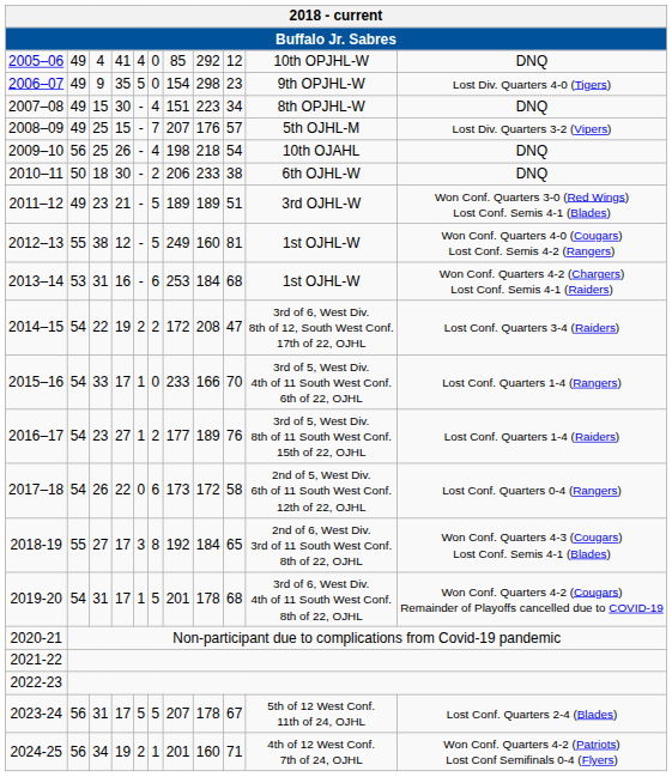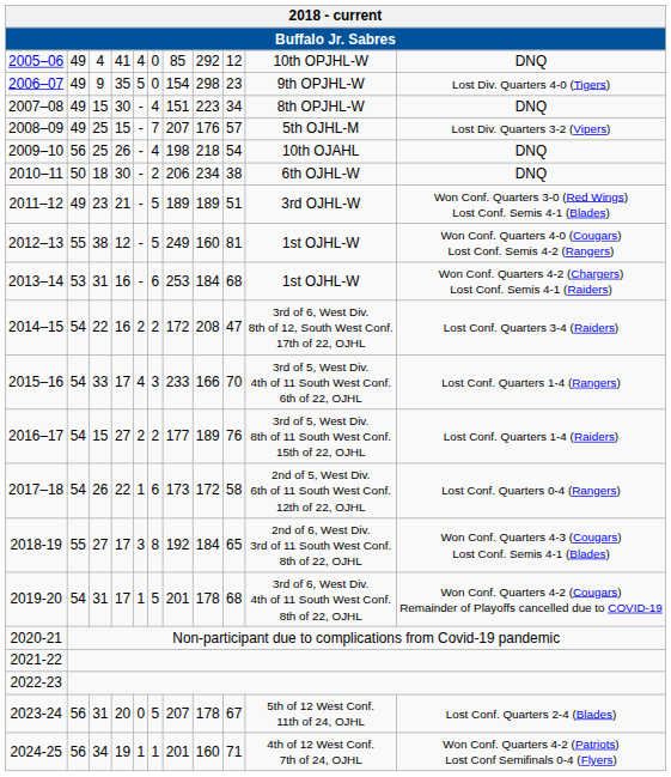 <table class="wikitable " style="text-align:center;">
 <tr>
 <th colspan=12 bgcolor="#822433" text_color=white><strong>2018 - current</strong></th>
 </tr>
 <tr align="center"  bgcolor="#00529b"  style="color:white">
 <td colspan=11><strong>Buffalo Jr. Sabres</strong></td>
 </tr>
 <tr align="center">
 <td><a href='#'>2005–06</a></td>
 <td>49</td>
 <td>4</td>
 <td>41</td>
 <td>4</td>
 <td>0</td>
 <td>85</td>
 <td>292</td>
 <td>12</td>
 <td>10th OPJHL-W</td>
 <td>DNQ</td>
 </tr>
 <tr align="center">
 <td><a href='#'>2006–07</a></td>
 <td>49</td>
 <td>9</td>
 <td>35</td>
 <td>5</td>
 <td>0</td>
 <td>154</td>
 <td>298</td>
 <td>23</td>
 <td>9th OPJHL-W</td>
 <td><small>Lost Div. Quarters 4-0 (<a href='#'>Tigers</a>)</small></td>
 </tr>
 <tr align="center">
 <td>2007–08</td>
 <td>49</td>
 <td>15</td>
 <td>30</td>
 <td>-</td>
 <td>4</td>
 <td>151</td>
 <td>223</td>
 <td>34</td>
 <td>8th OPJHL-W</td>
 <td>DNQ</td>
 </tr>
 <tr align="center">
 <td>2008–09</td>
 <td>49</td>
 <td>25</td>
 <td>15</td>
 <td>-</td>
 <td>7</td>
 <td>207</td>
 <td>176</td>
 <td>57</td>
 <td>5th OJHL-M</td>
 <td><small>Lost Div. Quarters 3-2 (<a href='#'>Vipers</a>)</small></td>
 </tr>
 <tr align="center">
 <td>2009–10</td>
 <td>56</td>
 <td>25</td>
 <td>26</td>
 <td>-</td>
 <td>4</td>
 <td>198</td>
 <td>218</td>
 <td>54</td>
 <td>10th OJAHL</td>
 <td>DNQ</td>
 </tr>
 <tr align="center">
 <td>2010–11</td>
 <td>50</td>
 <td>18</td>
 <td>30</td>
 <td>-</td>
 <td>2</td>
 <td>206</td>
-<td>233</td>
+<td>234</td>
 <td>38</td>
 <td>6th OJHL-W</td>
 <td>DNQ</td>
 </tr>
 <tr align="center">
 <td>2011–12</td>
 <td>49</td>
 <td>23</td>
 <td>21</td>
 <td>-</td>
 <td>5</td>
 <td>189</td>
 <td>189</td>
 <td>51</td>
 <td>3rd OJHL-W</td>
 <td><small>Won Conf. Quarters 3-0 (<a href='#'>Red Wings</a>)<br>Lost Conf. Semis 4-1 (<a href='#'>Blades</a>)</small></td>
 </tr>
 <tr align="center">
 <td>2012–13</td>
 <td>55</td>
 <td>38</td>
 <td>12</td>
 <td>-</td>
 <td>5</td>
 <td>249</td>
 <td>160</td>
 <td>81</td>
 <td>1st OJHL-W</td>
 <td><small>Won Conf. Quarters 4-0 (<a href='#'>Cougars</a>)<br>Lost Conf. Semis 4-2 (<a href='#'>Rangers</a>)</small></td>
 </tr>
 <tr align="center">
 <td>2013–14</td>
 <td>53</td>
 <td>31</td>
 <td>16</td>
 <td>-</td>
 <td>6</td>
 <td>253</td>
 <td>184</td>
 <td>68</td>
 <td>1st OJHL-W</td>
 <td><small>Won Conf. Quarters 4-2 (<a href='#'>Chargers</a>)<br>Lost Conf. Semis 4-1 (<a href='#'>Raiders</a>)</small></td>
 </tr>
 <tr align="center">
 <td>2014–15</td>
 <td>54</td>
 <td>22</td>
-<td>19</td>
+<td>16</td>
 <td>2</td>
 <td>2</td>
 <td>172</td>
 <td>208</td>
 <td>47</td>
 <td><small>3rd of 6, West Div.<br>8th of 12, South West Conf.<br>17th of 22, OJHL</small></td>
 <td><small>Lost Conf. Quarters 3-4 (<a href='#'>Raiders</a>)</small></td>
 </tr>
 <tr align="center">
 <td>2015–16</td>
 <td>54</td>
 <td>33</td>
 <td>17</td>
-<td>1</td>
-<td>0</td>
+<td>4</td>
+<td>3</td>
 <td>233</td>
 <td>166</td>
 <td>70</td>
 <td><small>3rd of 5, West Div.<br>4th of 11 South West Conf.<br>6th of 22, OJHL</small></td>
 <td><small>Lost Conf. Quarters 1-4 (<a href='#'>Rangers</a>)</small></td>
 </tr>
 <tr align="center">
 <td>2016–17</td>
 <td>54</td>
-<td>23</td>
+<td>15</td>
 <td>27</td>
-<td>1</td>
+<td>2</td>
 <td>2</td>
 <td>177</td>
 <td>189</td>
 <td>76</td>
 <td><small>3rd of 5, West Div.<br>8th of 11 South West Conf.<br>15th of 22, OJHL</small></td>
 <td><small>Lost Conf. Quarters 1-4 (<a href='#'>Raiders</a>)</small></td>
 </tr>
 <tr align="center">
 <td>2017–18</td>
 <td>54</td>
 <td>26</td>
 <td>22</td>
-<td>0</td>
+<td>1</td>
 <td>6</td>
 <td>173</td>
 <td>172</td>
 <td>58</td>
 <td><small>2nd of 5, West Div.<br>6th of 11 South West Conf.<br>12th of 22, OJHL</small></td>
 <td><small>Lost Conf. Quarters 0-4 (<a href='#'>Rangers</a>)</small></td>
 </tr>
 <tr align="center">
 <td>2018-19</td>
 <td>55</td>
 <td>27</td>
 <td>17</td>
 <td>3</td>
 <td>8</td>
 <td>192</td>
 <td>184</td>
 <td>65</td>
 <td><small>2nd of 6, West Div.<br>3rd of 11 South West Conf.<br>8th of 22, OJHL</small></td>
 <td><small>Won Conf. Quarters 4-3 (<a href='#'>Cougars</a>)<br>Lost Conf. Semis 4-1 (<a href='#'>Blades</a>)</small></td>
 </tr>
 <tr align="center">
 <td>2019-20</td>
 <td>54</td>
 <td>31</td>
 <td>17</td>
 <td>1</td>
 <td>5</td>
 <td>201</td>
 <td>178</td>
 <td>68</td>
 <td><small>3rd of 6, West Div.<br>4th of 11 South West Conf.<br>8th of 22, OJHL</small></td>
 <td><small>Won Conf. Quarters 4-2 (<a href='#'>Cougars</a>)<br>Remainder of Playoffs cancelled due to <a href='#'>COVID-19</a></small></td>
 </tr>
 <tr align="center">
 <td>2020-21</td>
 <td row span= 3   colspan=10>Non-participant due to complications from Covid-19 pandemic</td>
 </tr>
 <tr align="center">
 <td>2021-22</td>
 <td colspan=10></td>
 </tr>
 <tr align="center">
 <td>2022-23</td>
 <td colspan=10></td>
 </tr>
 <tr align="center">
 <td>2023-24</td>
 <td>56</td>
 <td>31</td>
-<td>17</td>
-<td>5</td>
+<td>20</td>
+<td>0</td>
 <td>5</td>
 <td>207</td>
 <td>178</td>
 <td>67</td>
 <td><small>5th of 12 West Conf.<br>11th of 24, OJHL</small></td>
 <td><small>Lost Conf. Quarters 2-4 (<a href='#'>Blades</a>)</small></td>
 </tr>
 <tr align="center">
 <td>2024-25</td>
 <td>56</td>
 <td>34</td>
 <td>19</td>
-<td>2</td>
+<td>1</td>
 <td>1</td>
 <td>201</td>
 <td>160</td>
 <td>71</td>
 <td><small>4th of 12 West Conf.<br>7th of 24, OJHL</small></td>
 <td><small>Won Conf. Quarters 4-2 (<a href='#'>Patriots</a>)<br>Lost Conf Semifinals 0-4 (<a href='#'>Flyers</a>)</small></td>
 </tr>
 </table>
